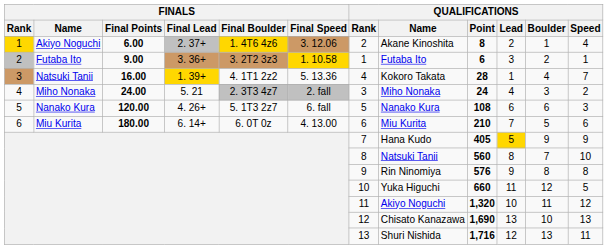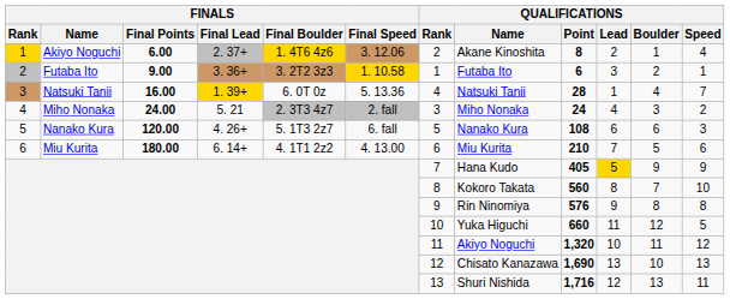 <table class="wikitable sortable" style="text-align:center">
 <tr>
 <th colspan="6">FINALS</th>
 <th colspan="6">QUALIFICATIONS</th>
 </tr>
 <tr>
 <th>Rank</th>
 <th>Name</th>
 <th>Final Points</th>
 <th>Final Lead</th>
 <th>Final Boulder</th>
 <th>Final Speed</th>
 <th>Rank</th>
 <th>Name</th>
 <th>Point</th>
 <th>Lead</th>
 <th>Boulder</th>
 <th>Speed</th>
 </tr>
 <tr>
 <td style="background: gold;">1</td>
 <td align="left"><a href='#'>Akiyo Noguchi</a></td>
 <td><strong>6.00</strong></td>
 <td style="background: silver;">2. 37+</td>
 <td style="background: gold;">1. 4T6 4z6</td>
 <td style="background: #cc9966;">3. 12.06</td>
 <td>2</td>
 <td align="left">Akane Kinoshita</td>
 <td><strong>8</strong></td>
 <td>2</td>
 <td>1</td>
 <td>4</td>
 </tr>
 <tr>
 <td style="background: silver;">2</td>
 <td align="left"><a href='#'>Futaba Ito</a></td>
 <td><strong>9.00</strong></td>
 <td style="background: #cc9966;">3. 36+</td>
 <td style="background: #cc9966;">3. 2T2 3z3</td>
 <td style="background: gold;">1. 10.58</td>
 <td>1</td>
 <td align="left"><a href='#'>Futaba Ito</a></td>
 <td><strong>6</strong></td>
 <td>3</td>
 <td>2</td>
 <td>1</td>
 </tr>
 <tr>
 <td style="background: #cc9966;">3</td>
 <td align="left"><a href='#'>Natsuki Tanii</a></td>
 <td><strong>16.00</strong></td>
 <td style="background: gold;">1. 39+</td>
-<td>4. 1T1 2z2</td>
+<td>6. 0T 0z</td>
 <td>5. 13.36</td>
 <td>4</td>
-<td align="left">Kokoro Takata</td>
+<td align="left"><a href='#'>Natsuki Tanii</a></td>
 <td><strong>28</strong></td>
 <td>1</td>
 <td>4</td>
 <td>7</td>
 </tr>
 <tr>
 <td>4</td>
 <td align="left"><a href='#'>Miho Nonaka</a></td>
 <td><strong>24.00</strong></td>
 <td>5. 21</td>
 <td style="background: silver;">2. 3T3 4z7</td>
 <td style="background: silver;">2. fall</td>
 <td>3</td>
 <td align="left"><a href='#'>Miho Nonaka</a></td>
 <td><strong>24</strong></td>
 <td>4</td>
 <td>3</td>
 <td>2</td>
 </tr>
 <tr>
 <td>5</td>
 <td align="left"><a href='#'>Nanako Kura</a></td>
 <td><strong>120.00</strong></td>
 <td>4. 26+</td>
 <td>5. 1T3 2z7</td>
 <td>6. fall</td>
 <td>5</td>
 <td align="left"><a href='#'>Nanako Kura</a></td>
 <td><strong>108</strong></td>
 <td>6</td>
 <td>6</td>
 <td>3</td>
 </tr>
 <tr>
 <td>6</td>
 <td align="left"><a href='#'>Miu Kurita</a></td>
 <td><strong>180.00</strong></td>
 <td>6. 14+</td>
-<td>6. 0T 0z</td>
+<td>4. 1T1 2z2</td>
 <td>4. 13.00</td>
 <td>6</td>
 <td align="left"><a href='#'>Miu Kurita</a></td>
 <td><strong>210</strong></td>
 <td>7</td>
 <td>5</td>
 <td>6</td>
 </tr>
 <tr>
 <th colspan="6" rowspan="7"></th>
 <td>7</td>
 <td align="left">Hana Kudo</td>
 <td><strong>405</strong></td>
 <td style="background: gold;">5</td>
 <td>9</td>
 <td>9</td>
 </tr>
 <tr>
 <td>8</td>
-<td align="left"><a href='#'>Natsuki Tanii</a></td>
+<td align="left">Kokoro Takata</td>
 <td><strong>560</strong></td>
 <td>8</td>
 <td>7</td>
 <td>10</td>
 </tr>
 <tr>
 <td>9</td>
 <td align="left">Rin Ninomiya</td>
 <td><strong>576</strong></td>
 <td>9</td>
 <td>8</td>
 <td>8</td>
 </tr>
 <tr>
 <td>10</td>
 <td align="left">Yuka Higuchi</td>
 <td><strong>660</strong></td>
 <td>11</td>
 <td>12</td>
 <td>5</td>
 </tr>
 <tr>
 <td>11</td>
 <td align="left"><a href='#'>Akiyo Noguchi</a></td>
 <td><strong>1,320</strong></td>
 <td>10</td>
 <td>11</td>
 <td>12</td>
 </tr>
 <tr>
 <td>12</td>
 <td align="left">Chisato Kanazawa</td>
 <td><strong>1,690</strong></td>
 <td>13</td>
 <td>10</td>
 <td>13</td>
 </tr>
 <tr>
 <td>13</td>
 <td align="left">Shuri Nishida</td>
 <td><strong>1,716</strong></td>
 <td>12</td>
 <td>13</td>
 <td>11</td>
 </tr>
 </table>
